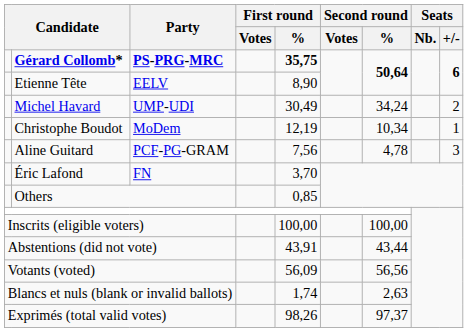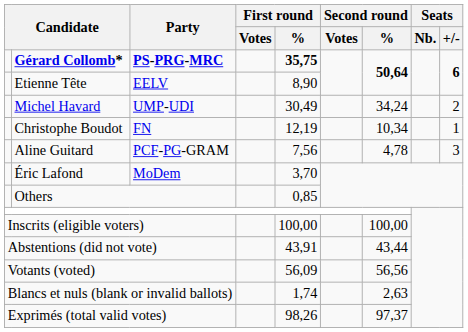 <table class="wikitable centre">
 <tr>
 <th scope="col" rowspan=2 colspan=2>Candidate</th>
 <th scope="col" rowspan=2 colspan=1>Party</th>
 <th scope="col" colspan=2>First round</th>
 <th scope="col" colspan=2>Second round</th>
 <th scope="col" colspan=2>Seats</th>
 </tr>
 <tr>
 <th scope="col">Votes</th>
 <th scope="col">%</th>
 <th scope="col">Votes</th>
 <th scope="col">%</th>
 <th scope="col">Nb.</th>
 <th scope="col">+/-</th>
 </tr>
 <tr>
 <td style="color:inherit;background:"></td>
 <td><strong><a href='#'>Gérard Collomb</a>*</strong></td>
 <td><strong><a href='#'>PS</a>-<a href='#'>PRG</a>-<a href='#'>MRC</a></strong></td>
 <td style="text-align: right"><strong></strong></td>
 <td style="text-align: right"><strong>35,75</strong></td>
 <td style="text-align: right" rowspan=2><strong></strong></td>
 <td style="text-align: right" rowspan=2><strong>50,64</strong></td>
 <td style="text-align: right" rowspan=2><strong></strong></td>
 <td style="text-align: right" rowspan=2><strong> 6</strong></td>
 </tr>
 <tr>
 <td style="color:inherit;background:"></td>
 <td>Etienne Tête</td>
 <td><a href='#'>EELV</a></td>
 <td style="text-align: right"></td>
 <td style="text-align: right">8,90</td>
 </tr>
 <tr>
 <td style="color:inherit;background:"></td>
 <td><a href='#'>Michel Havard</a></td>
 <td><a href='#'>UMP</a>-<a href='#'>UDI</a></td>
 <td style="text-align: right"></td>
 <td style="text-align: right">30,49</td>
 <td style="text-align: right"></td>
 <td style="text-align: right">34,24</td>
 <td style="text-align: right"></td>
 <td style="text-align: right"> 2</td>
 </tr>
 <tr>
 <td style="color:inherit;background:"></td>
 <td>Christophe Boudot</td>
-<td><a href='#'>MoDem</a></td>
+<td><a href='#'>FN</a></td>
 <td style="text-align: right"></td>
 <td style="text-align: right">12,19</td>
 <td style="text-align: right"></td>
 <td style="text-align: right">10,34</td>
 <td style="text-align: right"></td>
 <td style="text-align: right"> 1</td>
 </tr>
 <tr>
 <td style="color:inherit;background:"></td>
 <td>Aline Guitard</td>
 <td><a href='#'>PCF</a>-<a href='#'>PG</a>-GRAM</td>
 <td style="text-align: right"></td>
 <td style="text-align: right">7,56</td>
 <td style="text-align: right"></td>
 <td style="text-align: right">4,78</td>
 <td style="text-align: right"></td>
 <td style="text-align: right"> 3</td>
 </tr>
 <tr>
 <td style="color:inherit;background:"></td>
 <td>Éric Lafond</td>
-<td><a href='#'>FN</a></td>
+<td><a href='#'>MoDem</a></td>
 <td style="text-align: right"></td>
 <td style="text-align: right">3,70</td>
 <td colspan=9 rowspan=2></td>
 </tr>
 <tr>
 <td style="color:inherit;background:"></td>
 <td colspan=2>Others</td>
 <td style="text-align: right"></td>
 <td style="text-align: right">0,85</td>
 </tr>
 <tr bgcolor=white>
 <td colspan=7></td>
 </tr>
 <tr>
 <td colspan=3>Inscrits (eligible voters)</td>
 <td style="text-align: right"></td>
 <td style="text-align: right">100,00</td>
 <td style="text-align: right"></td>
 <td style="text-align: right">100,00</td>
 </tr>
 <tr>
 <td colspan=3>Abstentions (did not vote)</td>
 <td style="text-align: right"></td>
 <td style="text-align: right">43,91</td>
 <td style="text-align: right"></td>
 <td style="text-align: right">43,44</td>
 </tr>
 <tr>
 <td colspan=3>Votants (voted)</td>
 <td style="text-align: right"></td>
 <td style="text-align: right">56,09</td>
 <td style="text-align: right"></td>
 <td style="text-align: right">56,56</td>
 </tr>
 <tr>
 <td colspan=3>Blancs et nuls (blank or invalid ballots)</td>
 <td style="text-align: right"></td>
 <td style="text-align: right">1,74</td>
 <td style="text-align: right"></td>
 <td style="text-align: right">2,63</td>
 </tr>
 <tr>
 <td colspan=3>Exprimés (total valid votes)</td>
 <td style="text-align: right"></td>
 <td style="text-align: right">98,26</td>
 <td style="text-align: right"></td>
 <td style="text-align: right">97,37</td>
 </tr>
 </table>
